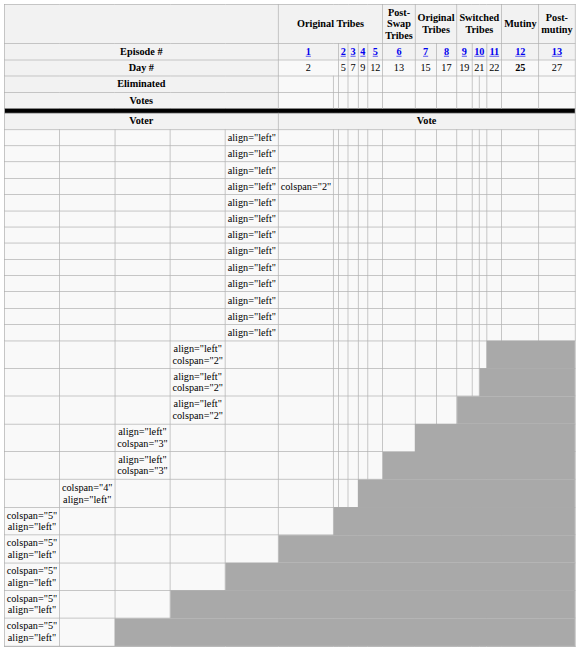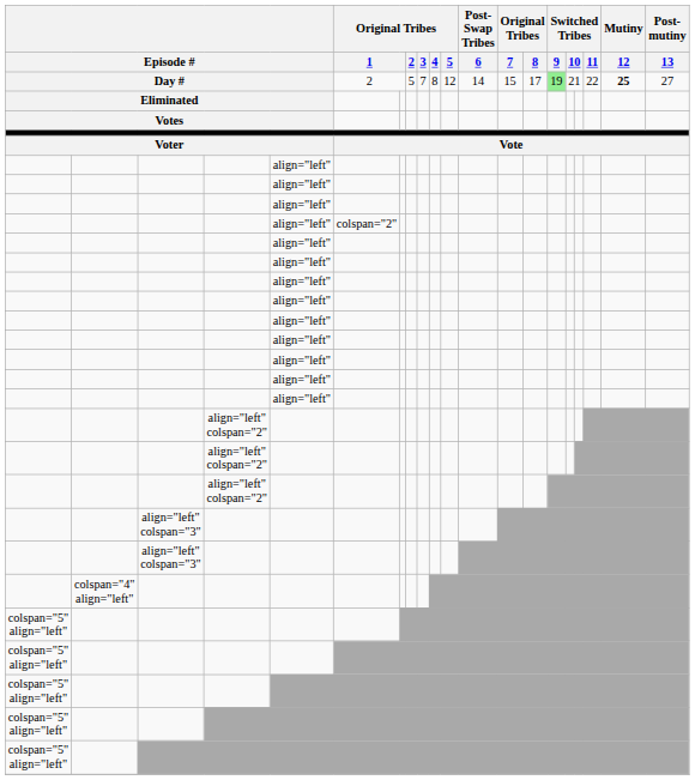 <table class="wikitable" style="text-align:center">
 <tr>
 <th colspan="5"></th>
 <th colspan="6">Original Tribes</th>
 <th colspan="1">Post-Swap<br>Tribes</th>
 <th colspan="2">Original Tribes</th>
 <th colspan="4">Switched Tribes</th>
 <th colspan="1">Mutiny</th>
 <th colspan="1">Post-mutiny</th>
 </tr>
 <tr>
 <th colspan="5">Episode #</th>
 <th colspan="2"><a href='#'>1</a></th>
 <th><a href='#'>2</a></th>
 <th><a href='#'>3</a></th>
 <th><a href='#'>4</a></th>
 <th><a href='#'>5</a></th>
 <th><a href='#'>6</a></th>
 <th><a href='#'>7</a></th>
 <th><a href='#'>8</a></th>
 <th><a href='#'>9</a></th>
 <th colspan="2"><a href='#'>10</a></th>
 <th><a href='#'>11</a></th>
 <th><a href='#'>12</a></th>
 <th><a href='#'>13</a></th>
 </tr>
 <tr>
 <th colspan="5">Day #</th>
 <td colspan="2">2</td>
 <td>5</td>
 <td>7</td>
-<td>9</td>
+<td>8</td>
 <td>12</td>
-<td>13</td>
+<td>14</td>
 <td>15</td>
 <td>17</td>
-<td>19</td>
+<td style="background: lightgreen;">19</td>
 <td colspan="2">21</td>
 <td>22</td>
 <td><strong>25</strong></td>
 <td>27</td>
 </tr>
 <tr>
 <th colspan="5">Eliminated</th>
 <td></td>
 <td></td>
 <td></td>
 <td></td>
 <td></td>
 <td></td>
 <td></td>
 <td></td>
 <td></td>
 <td></td>
 <td></td>
 <td></td>
 <td></td>
 <td></td>
 <td></td>
 </tr>
 <tr>
 <th colspan="5">Votes</th>
 <td></td>
 <td></td>
 <td></td>
 <td></td>
 <td></td>
 <td></td>
 <td></td>
 <td></td>
 <td></td>
 <td></td>
 <td></td>
 <td></td>
 <td></td>
 <td></td>
 <td></td>
 </tr>
 <tr>
 <td colspan="20" style="background:black"></td>
 </tr>
 <tr>
 <th colspan="5">Voter</th>
 <th colspan="15">Vote</th>
 </tr>
 <tr>
 <td></td>
 <td></td>
 <td></td>
 <td></td>
 <td>align="left" </td>
 <td></td>
 <td></td>
 <td></td>
 <td></td>
 <td></td>
 <td></td>
 <td></td>
 <td></td>
 <td></td>
 <td></td>
 <td></td>
 <td></td>
 <td></td>
 <td></td>
 <td></td>
 </tr>
 <tr>
 <td></td>
 <td></td>
 <td></td>
 <td></td>
 <td>align="left" </td>
 <td></td>
 <td></td>
 <td></td>
 <td></td>
 <td></td>
 <td></td>
 <td></td>
 <td></td>
 <td></td>
 <td></td>
 <td></td>
 <td></td>
 <td></td>
 <td></td>
 <td></td>
 </tr>
 <tr>
 <td></td>
 <td></td>
 <td></td>
 <td></td>
 <td>align="left" </td>
 <td></td>
 <td></td>
 <td></td>
 <td></td>
 <td></td>
 <td></td>
 <td></td>
 <td></td>
 <td></td>
 <td></td>
 <td></td>
 <td></td>
 <td></td>
 <td></td>
 <td></td>
 </tr>
 <tr>
 <td></td>
 <td></td>
 <td></td>
 <td></td>
 <td>align="left" </td>
 <td>colspan="2" </td>
 <td></td>
 <td></td>
 <td></td>
 <td></td>
 <td></td>
 <td></td>
 <td></td>
 <td></td>
 <td></td>
 <td></td>
 <td></td>
 <td></td>
 <td></td>
 </tr>
 <tr>
 <td></td>
 <td></td>
 <td></td>
 <td></td>
 <td>align="left" </td>
 <td></td>
 <td></td>
 <td></td>
 <td></td>
 <td></td>
 <td></td>
 <td></td>
 <td></td>
 <td></td>
 <td></td>
 <td></td>
 <td></td>
 <td></td>
 <td></td>
 <td></td>
 </tr>
 <tr>
 <td></td>
 <td></td>
 <td></td>
 <td></td>
 <td>align="left" </td>
 <td></td>
 <td></td>
 <td></td>
 <td></td>
 <td></td>
 <td></td>
 <td></td>
 <td></td>
 <td></td>
 <td></td>
 <td></td>
 <td></td>
 <td></td>
 <td></td>
 <td></td>
 </tr>
 <tr>
 <td></td>
 <td></td>
 <td></td>
 <td></td>
 <td>align="left" </td>
 <td></td>
 <td></td>
 <td></td>
 <td></td>
 <td></td>
 <td></td>
 <td></td>
 <td></td>
 <td></td>
 <td></td>
 <td></td>
 <td></td>
 <td></td>
 <td></td>
 <td></td>
 </tr>
 <tr>
 <td></td>
 <td></td>
 <td></td>
 <td></td>
 <td>align="left" </td>
 <td></td>
 <td></td>
 <td></td>
 <td></td>
 <td></td>
 <td></td>
 <td></td>
 <td></td>
 <td></td>
 <td></td>
 <td></td>
 <td></td>
 <td></td>
 <td></td>
 <td></td>
 </tr>
 <tr>
 <td></td>
 <td></td>
 <td></td>
 <td></td>
 <td>align="left" </td>
 <td></td>
 <td></td>
 <td></td>
 <td></td>
 <td></td>
 <td></td>
 <td></td>
 <td></td>
 <td></td>
 <td></td>
 <td></td>
 <td></td>
 <td></td>
 <td></td>
 <td></td>
 </tr>
 <tr>
 <td></td>
 <td></td>
 <td></td>
 <td></td>
 <td>align="left" </td>
 <td></td>
 <td></td>
 <td></td>
 <td></td>
 <td></td>
 <td></td>
 <td></td>
 <td></td>
 <td></td>
 <td></td>
 <td></td>
 <td></td>
 <td></td>
 <td></td>
 <td></td>
 </tr>
 <tr>
 <td></td>
 <td></td>
 <td></td>
 <td></td>
 <td>align="left" </td>
 <td></td>
 <td></td>
 <td></td>
 <td></td>
 <td></td>
 <td></td>
 <td></td>
 <td></td>
 <td></td>
 <td></td>
 <td></td>
 <td></td>
 <td></td>
 <td></td>
 <td></td>
 </tr>
 <tr>
 <td></td>
 <td></td>
 <td></td>
 <td></td>
 <td>align="left" </td>
 <td></td>
 <td></td>
 <td></td>
 <td></td>
 <td></td>
 <td></td>
 <td></td>
 <td></td>
 <td></td>
 <td></td>
 <td></td>
 <td></td>
 <td></td>
 <td></td>
 <td></td>
 </tr>
 <tr>
 <td></td>
 <td></td>
 <td></td>
 <td></td>
 <td>align="left" </td>
 <td></td>
 <td></td>
 <td></td>
 <td></td>
 <td></td>
 <td></td>
 <td></td>
 <td></td>
 <td></td>
 <td></td>
 <td></td>
 <td></td>
 <td></td>
 <td></td>
 <td></td>
 </tr>
 <tr>
 <td></td>
 <td></td>
 <td></td>
 <td>align="left" colspan="2" </td>
 <td></td>
 <td></td>
 <td></td>
 <td></td>
 <td></td>
 <td></td>
 <td></td>
 <td></td>
 <td></td>
 <td></td>
 <td></td>
 <td></td>
 <td></td>
 <td colspan="14" style="background:darkgray;"></td>
 </tr>
 <tr>
 <td></td>
 <td></td>
 <td></td>
 <td>align="left" colspan="2" </td>
 <td></td>
 <td></td>
 <td></td>
 <td></td>
 <td></td>
 <td></td>
 <td></td>
 <td></td>
 <td></td>
 <td></td>
 <td></td>
 <td></td>
 <td colspan="15" style="background:darkgray;"></td>
 </tr>
 <tr>
 <td></td>
 <td></td>
 <td></td>
 <td>align="left" colspan="2" </td>
 <td></td>
 <td></td>
 <td></td>
 <td></td>
 <td></td>
 <td></td>
 <td></td>
 <td></td>
 <td></td>
 <td></td>
 <td colspan="16" style="background:darkgray;"></td>
 </tr>
 <tr>
 <td></td>
 <td></td>
 <td>align="left" colspan="3" </td>
 <td></td>
 <td></td>
 <td></td>
 <td></td>
 <td></td>
 <td></td>
 <td></td>
 <td></td>
 <td></td>
 <td colspan="17" style="background:darkgray;"></td>
 </tr>
 <tr>
 <td></td>
 <td></td>
 <td>align="left" colspan="3" </td>
 <td></td>
 <td></td>
 <td></td>
 <td></td>
 <td></td>
 <td></td>
 <td></td>
 <td></td>
 <td colspan="18" style="background:darkgray;"></td>
 </tr>
 <tr>
 <td></td>
 <td>colspan="4" align="left" </td>
 <td></td>
 <td></td>
 <td></td>
 <td></td>
 <td></td>
 <td></td>
 <td></td>
 <td colspan="19" style="background:darkgray;"></td>
 </tr>
 <tr>
 <td>colspan="5" align="left" </td>
 <td></td>
 <td></td>
 <td></td>
 <td></td>
 <td></td>
 <td colspan="20" style="background:darkgray;"></td>
 </tr>
 <tr>
 <td>colspan="5" align="left" </td>
 <td></td>
 <td></td>
 <td></td>
 <td></td>
 <td colspan="21" style="background:darkgray;"></td>
 </tr>
 <tr>
 <td>colspan="5" align="left" </td>
 <td></td>
 <td></td>
 <td></td>
 <td colspan="22" style="background:darkgray;"></td>
 </tr>
 <tr>
 <td>colspan="5" align="left" </td>
 <td></td>
 <td></td>
 <td colspan="23" style="background:darkgray;"></td>
 </tr>
 <tr>
 <td>colspan="5" align="left" </td>
 <td></td>
 <td colspan="24" style="background:darkgray;"></td>
 </tr>
 <tr>
 </tr>
 </table>
